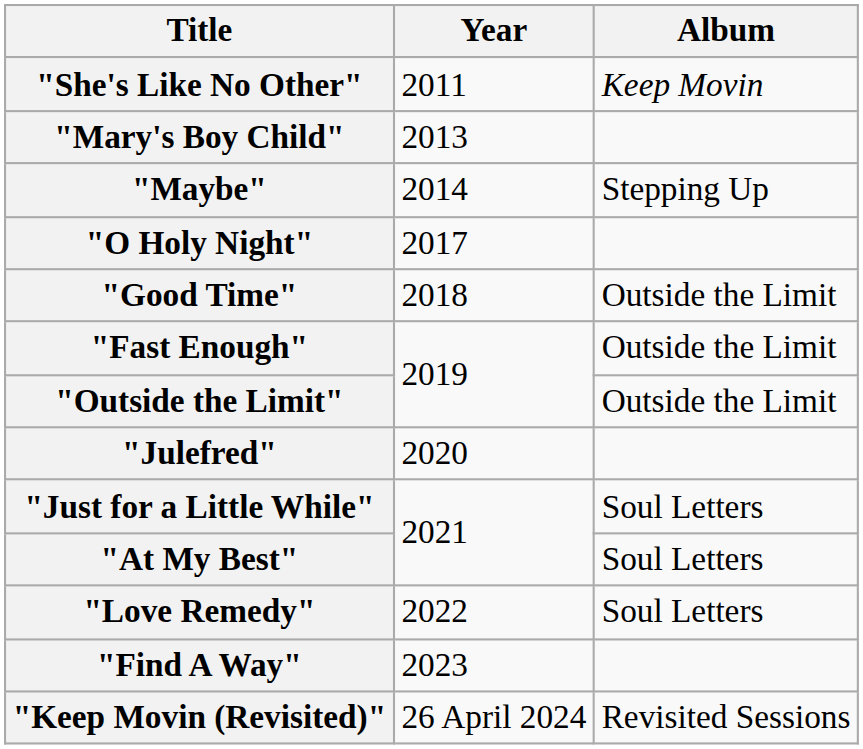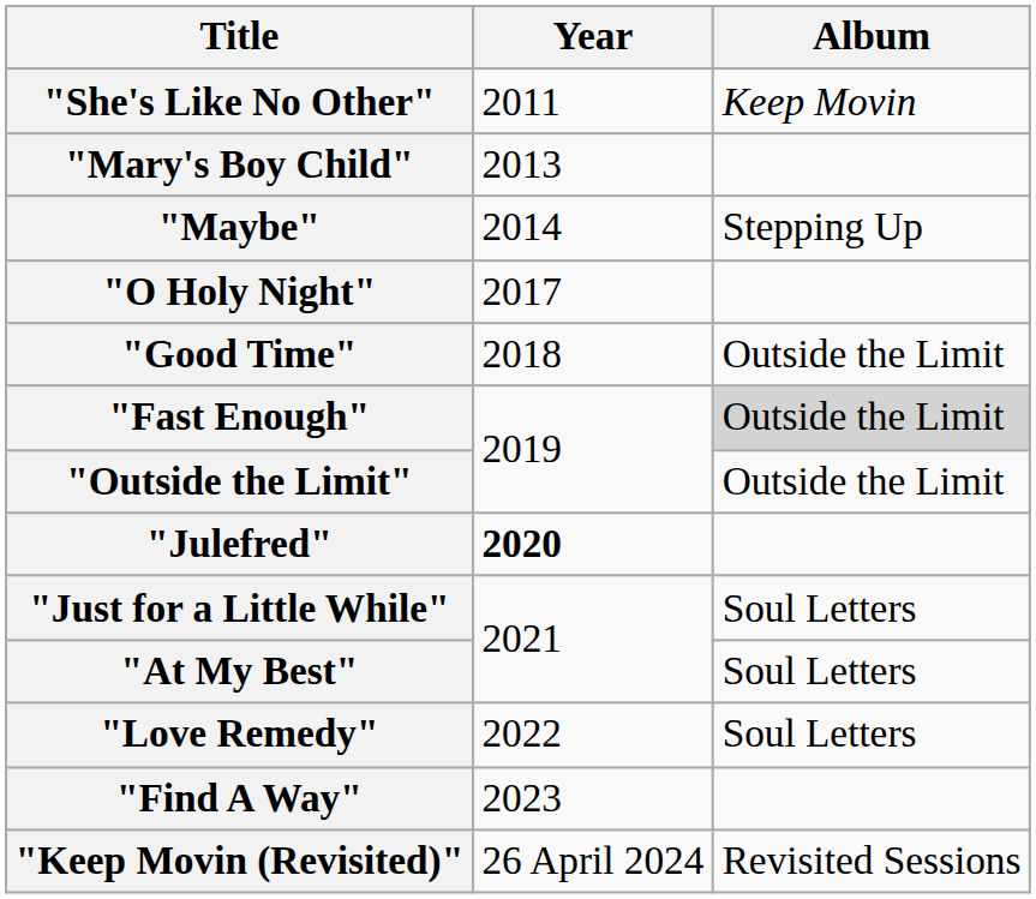 <table class="wikitable plainrowheaders">
 <tr>
 <th scope="col">Title</th>
 <th scope="col">Year</th>
 <th scope="col">Album</th>
 </tr>
 <tr>
 <th scope=row>"She's Like No Other"</th>
 <td>2011</td>
 <td><em>Keep Movin<strong></td>
 </tr>
 <tr>
 <th scope=row>"Mary's Boy Child"<br></th>
 <td>2013</td>
 <td></td>
 </tr>
 <tr>
 <th scope=row>"Maybe"</th>
 <td>2014</td>
 <td></em>Stepping Up<em></td>
 </tr>
 <tr>
 <th scope=row>"O Holy Night"<br></th>
 <td>2017</td>
 <td></td>
 </tr>
 <tr>
 <th scope=row>"Good Time"</th>
 <td>2018</td>
 <td></em>Outside the Limit<em></td>
 </tr>
 <tr>
 <th scope=row>"Fast Enough"</th>
 <td rowspan=2>2019</td>
-<td></em>Outside the Limit<em></td>
+<td style="background: lightgrey;"></em>Outside the Limit<em></td>
 </tr>
 <tr>
 <th scope=row>"Outside the Limit"</th>
 <td></em>Outside the Limit<em></td>
 </tr>
 <tr>
 <th scope=row>"Julefred"<br></th>
-<td>2020</td>
+<td><strong>2020</strong></td>
 <td></td>
 </tr>
 <tr>
 <th scope=row>"Just for a Little While"</th>
 <td rowspan=2>2021</td>
 <td></em>Soul Letters<em></td>
 </tr>
 <tr>
 <th scope=row>"At My Best"</th>
 <td></em>Soul Letters<em></td>
 </tr>
 <tr>
 <th scope=row>"Love Remedy"</th>
 <td>2022</td>
 <td></em>Soul Letters<em></td>
 </tr>
 <tr>
 <th scope=row>"Find A Way"<br></th>
 <td>2023</td>
 <td></td>
 </tr>
 <tr>
 <th scope=row>"Keep Movin (Revisited)"</th>
 <td>26 April 2024</td>
 <td></em>Revisited Sessions<em></td>
 </tr>
 </table>
